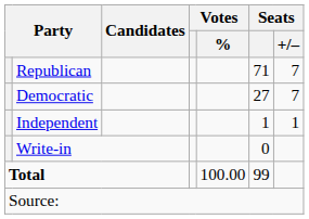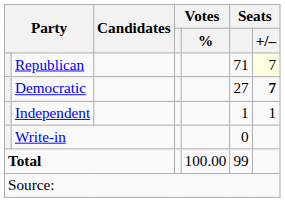 <table class="wikitable">
 <tr>
 <th colspan="2" rowspan="2">Party</th>
 <th rowspan="2">Candidates</th>
 <th colspan="2">Votes</th>
 <th colspan="4">Seats</th>
 </tr>
 <tr>
 <th></th>
 <th>%</th>
 <th></th>
 <th>+/–</th>
 </tr>
 <tr>
 <th style="background-color:"></th>
 <td><a href='#'>Republican</a></td>
 <td align="right"></td>
 <td align="right"></td>
 <td align="right"></td>
 <td align="right">71</td>
-<td align="right">7 </td>
+<td align="right" style="background: lightyellow;">7 </td>
 </tr>
 <tr>
 <th style="background-color:"></th>
 <td><a href='#'>Democratic</a></td>
 <td align="right"></td>
 <td align="right"></td>
 <td align="right"></td>
 <td align="right">27</td>
-<td align="right">7 </td>
+<td align="right"><strong>7 </strong></td>
 </tr>
 <tr>
 <th style="background-color:"></th>
 <td><a href='#'>Independent</a></td>
 <td align="right"></td>
 <td align="right"></td>
 <td align="right"></td>
 <td align="right">1</td>
 <td align="right">1 </td>
 </tr>
 <tr>
 <th style="background-color:"></th>
 <td colspan="2" align="left"><a href='#'>Write-in</a></td>
 <td align="right"></td>
 <td align="right"></td>
 <td align="right">0</td>
 <td align="right"></td>
 </tr>
 <tr>
 <td colspan="3" align="left"><strong>Total</strong></td>
 <td align="right"></td>
 <td align="right">100.00</td>
 <td align="right">99</td>
 <td align="right"></td>
 </tr>
 <tr>
 <td colspan="10">Source: </td>
 </tr>
 </table>
